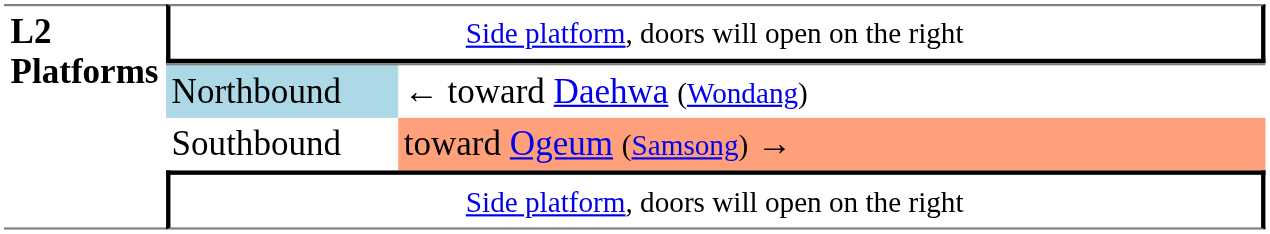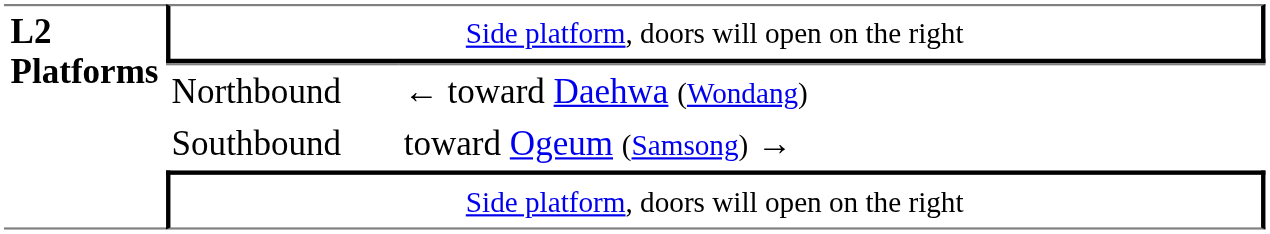 <table table border=0 cellspacing=0 cellpadding=3>
 <tr>
 <td style="border-top:solid 1px gray;border-bottom:solid 1px gray;" width=50 rowspan=10 valign=top><strong>L2<br>Platforms</strong></td>
 <td style="border-top:solid 1px gray;border-right:solid 2px black;border-left:solid 2px black;border-bottom:solid 2px black;text-align:center;" colspan=2><small><a href='#'>Side platform</a>, doors will open on the right </small></td>
 </tr>
 <tr>
-<td style="background: lightblue; border-bottom:solid 0px gray;border-top:solid 1px gray;" width=100>Northbound</td>
+<td style="border-bottom:solid 0px gray;border-top:solid 1px gray;" width=100>Northbound</td>
 <td style="border-bottom:solid 0px gray;border-top:solid 1px gray;" width=390>←  toward <a href='#'>Daehwa</a> <small>(<a href='#'>Wondang</a>)</small></td>
 </tr>
 <tr>
 <td>Southbound</td>
-<td style="background: lightsalmon;">  toward <a href='#'>Ogeum</a> <small>(<a href='#'>Samsong</a>)</small> →</td>
+<td>  toward <a href='#'>Ogeum</a> <small>(<a href='#'>Samsong</a>)</small> →</td>
 </tr>
 <tr>
 <td style="border-top:solid 2px black;border-right:solid 2px black;border-left:solid 2px black;border-bottom:solid 1px gray;text-align:center;" colspan=2><small><a href='#'>Side platform</a>, doors will open on the right </small></td>
 </tr>
 </table>
